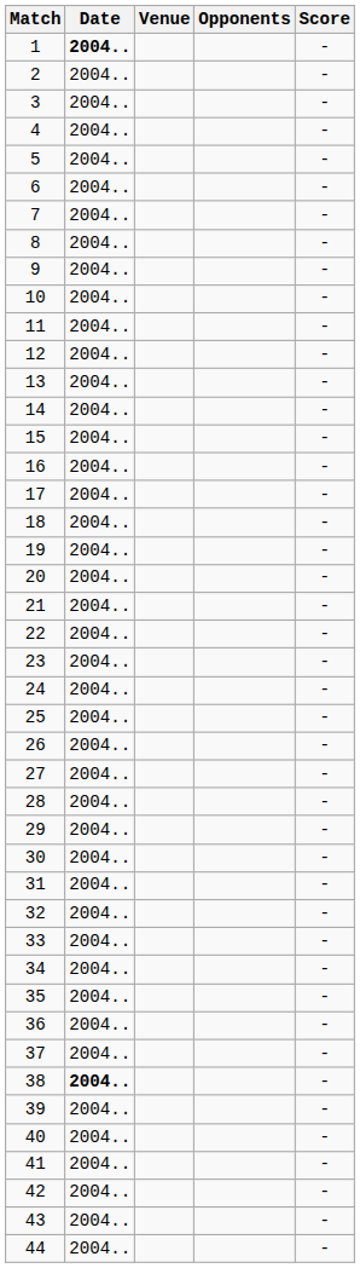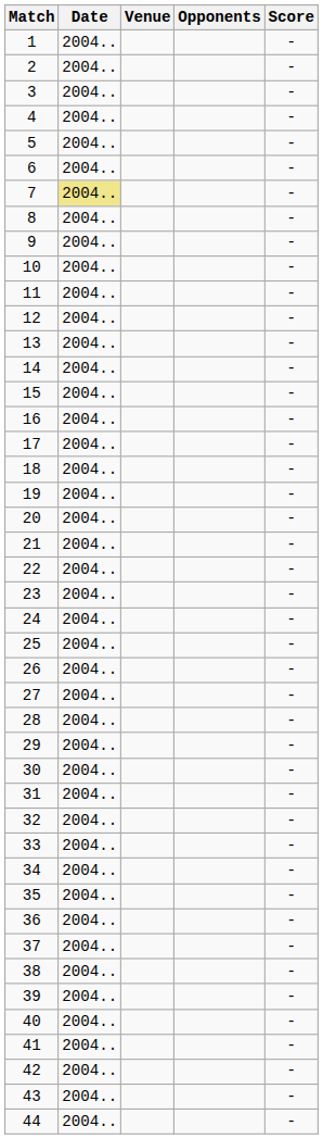 <table class="wikitable" style="text-align:center;">
 <tr>
 <th>Match</th>
 <th>Date</th>
 <th>Venue</th>
 <th>Opponents</th>
 <th>Score</th>
 </tr>
 <tr>
 <td>1</td>
-<td><strong>2004..</strong></td>
+<td>2004..</td>
 <td></td>
 <td></td>
 <td>-</td>
 </tr>
 <tr>
 <td>2</td>
 <td>2004..</td>
 <td></td>
 <td></td>
 <td>-</td>
 </tr>
 <tr>
 <td>3</td>
 <td>2004..</td>
 <td></td>
 <td></td>
 <td>-</td>
 </tr>
 <tr>
 <td>4</td>
 <td>2004..</td>
 <td></td>
 <td></td>
 <td>-</td>
 </tr>
 <tr>
 <td>5</td>
 <td>2004..</td>
 <td></td>
 <td></td>
 <td>-</td>
 </tr>
 <tr>
 <td>6</td>
 <td>2004..</td>
 <td></td>
 <td></td>
 <td>-</td>
 </tr>
 <tr>
 <td>7</td>
-<td>2004..</td>
+<td style="background: khaki;">2004..</td>
 <td></td>
 <td></td>
 <td>-</td>
 </tr>
 <tr>
 <td>8</td>
 <td>2004..</td>
 <td></td>
 <td></td>
 <td>-</td>
 </tr>
 <tr>
 <td>9</td>
 <td>2004..</td>
 <td></td>
 <td></td>
 <td>-</td>
 </tr>
 <tr>
 <td>10</td>
 <td>2004..</td>
 <td></td>
 <td></td>
 <td>-</td>
 </tr>
 <tr>
 <td>11</td>
 <td>2004..</td>
 <td></td>
 <td></td>
 <td>-</td>
 </tr>
 <tr>
 <td>12</td>
 <td>2004..</td>
 <td></td>
 <td></td>
 <td>-</td>
 </tr>
 <tr>
 <td>13</td>
 <td>2004..</td>
 <td></td>
 <td></td>
 <td>-</td>
 </tr>
 <tr>
 <td>14</td>
 <td>2004..</td>
 <td></td>
 <td></td>
 <td>-</td>
 </tr>
 <tr>
 <td>15</td>
 <td>2004..</td>
 <td></td>
 <td></td>
 <td>-</td>
 </tr>
 <tr>
 <td>16</td>
 <td>2004..</td>
 <td></td>
 <td></td>
 <td>-</td>
 </tr>
 <tr>
 <td>17</td>
 <td>2004..</td>
 <td></td>
 <td></td>
 <td>-</td>
 </tr>
 <tr>
 <td>18</td>
 <td>2004..</td>
 <td></td>
 <td></td>
 <td>-</td>
 </tr>
 <tr>
 <td>19</td>
 <td>2004..</td>
 <td></td>
 <td></td>
 <td>-</td>
 </tr>
 <tr>
 <td>20</td>
 <td>2004..</td>
 <td></td>
 <td></td>
 <td>-</td>
 </tr>
 <tr>
 <td>21</td>
 <td>2004..</td>
 <td></td>
 <td></td>
 <td>-</td>
 </tr>
 <tr>
 <td>22</td>
 <td>2004..</td>
 <td></td>
 <td></td>
 <td>-</td>
 </tr>
 <tr>
 <td>23</td>
 <td>2004..</td>
 <td></td>
 <td></td>
 <td>-</td>
 </tr>
 <tr>
 <td>24</td>
 <td>2004..</td>
 <td></td>
 <td></td>
 <td>-</td>
 </tr>
 <tr>
 <td>25</td>
 <td>2004..</td>
 <td></td>
 <td></td>
 <td>-</td>
 </tr>
 <tr>
 <td>26</td>
 <td>2004..</td>
 <td></td>
 <td></td>
 <td>-</td>
 </tr>
 <tr>
 <td>27</td>
 <td>2004..</td>
 <td></td>
 <td></td>
 <td>-</td>
 </tr>
 <tr>
 <td>28</td>
 <td>2004..</td>
 <td></td>
 <td></td>
 <td>-</td>
 </tr>
 <tr>
 <td>29</td>
 <td>2004..</td>
 <td></td>
 <td></td>
 <td>-</td>
 </tr>
 <tr>
 <td>30</td>
 <td>2004..</td>
 <td></td>
 <td></td>
 <td>-</td>
 </tr>
 <tr>
 <td>31</td>
 <td>2004..</td>
 <td></td>
 <td></td>
 <td>-</td>
 </tr>
 <tr>
 <td>32</td>
 <td>2004..</td>
 <td></td>
 <td></td>
 <td>-</td>
 </tr>
 <tr>
 <td>33</td>
 <td>2004..</td>
 <td></td>
 <td></td>
 <td>-</td>
 </tr>
 <tr>
 <td>34</td>
 <td>2004..</td>
 <td></td>
 <td></td>
 <td>-</td>
 </tr>
 <tr>
 <td>35</td>
 <td>2004..</td>
 <td></td>
 <td></td>
 <td>-</td>
 </tr>
 <tr>
 <td>36</td>
 <td>2004..</td>
 <td></td>
 <td></td>
 <td>-</td>
 </tr>
 <tr>
 <td>37</td>
 <td>2004..</td>
 <td></td>
 <td></td>
 <td>-</td>
 </tr>
 <tr>
 <td>38</td>
-<td><strong>2004..</strong></td>
+<td>2004..</td>
 <td></td>
 <td></td>
 <td>-</td>
 </tr>
 <tr>
 <td>39</td>
 <td>2004..</td>
 <td></td>
 <td></td>
 <td>-</td>
 </tr>
 <tr>
 <td>40</td>
 <td>2004..</td>
 <td></td>
 <td></td>
 <td>-</td>
 </tr>
 <tr>
 <td>41</td>
 <td>2004..</td>
 <td></td>
 <td></td>
 <td>-</td>
 </tr>
 <tr>
 <td>42</td>
 <td>2004..</td>
 <td></td>
 <td></td>
 <td>-</td>
 </tr>
 <tr>
 <td>43</td>
 <td>2004..</td>
 <td></td>
 <td></td>
 <td>-</td>
 </tr>
 <tr>
 <td>44</td>
 <td>2004..</td>
 <td></td>
 <td></td>
 <td>-</td>
 </tr>
 </table>
